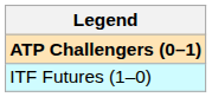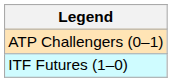 <table class=wikitable style=font-size:90%>
 <tr>
 <th>Legend</th>
 </tr>
 <tr style=background:moccasin>
-<td><strong>ATP Challengers (0–1)</strong></td>
+<td>ATP Challengers (0–1)</td>
 </tr>
 <tr style=background:#cffcff>
 <td>ITF Futures (1–0)</td>
 </tr>
 </table>
